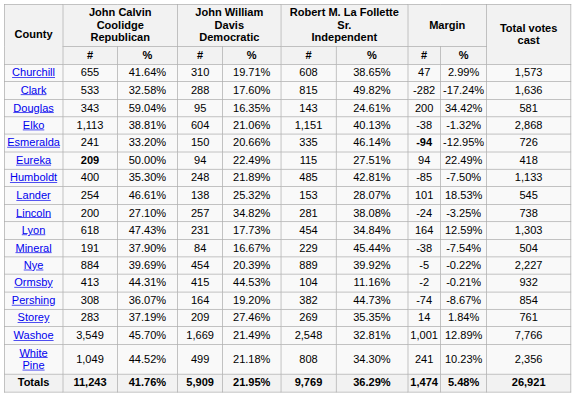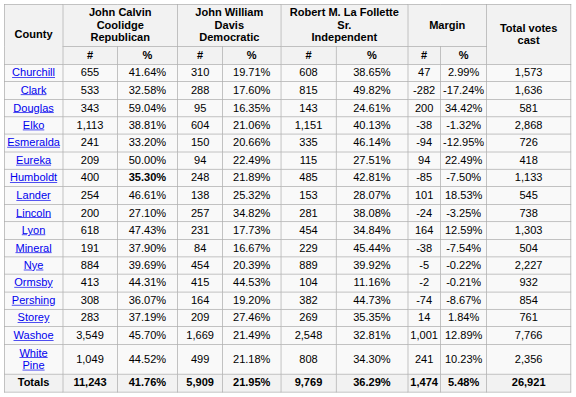 <table class="wikitable sortable" style="text-align:center" width="65%">
 <tr>
 <th rowspan="2" style="text-align:center;">County</th>
 <th colspan="2" style="text-align:center;">John Calvin Coolidge<br>Republican</th>
 <th colspan="2" style="text-align:center;">John William Davis<br>Democratic</th>
 <th colspan="2" style="text-align:center;">Robert M. La Follette Sr.<br>Independent</th>
 <th colspan="2" style="text-align:center;">Margin</th>
 <th rowspan="2" style="text-align:center;">Total votes cast</th>
 </tr>
 <tr>
 <th style="text-align:center;" data-sort-type="number">#</th>
 <th style="text-align:center;" data-sort-type="number">%</th>
 <th style="text-align:center;" data-sort-type="number">#</th>
 <th style="text-align:center;" data-sort-type="number">%</th>
 <th style="text-align:center;" data-sort-type="number">#</th>
 <th style="text-align:center;" data-sort-type="number">%</th>
 <th style="text-align:center;" data-sort-type="number">#</th>
 <th style="text-align:center;" data-sort-type="number">%</th>
 </tr>
 <tr style="text-align:center;">
 <td><a href='#'>Churchill</a></td>
 <td>655</td>
 <td>41.64%</td>
 <td>310</td>
 <td>19.71%</td>
 <td>608</td>
 <td>38.65%</td>
 <td>47</td>
 <td>2.99%</td>
 <td>1,573</td>
 </tr>
 <tr style="text-align:center;">
 <td><a href='#'>Clark</a></td>
 <td>533</td>
 <td>32.58%</td>
 <td>288</td>
 <td>17.60%</td>
 <td>815</td>
 <td>49.82%</td>
 <td>-282</td>
 <td>-17.24%</td>
 <td>1,636</td>
 </tr>
 <tr style="text-align:center;">
 <td><a href='#'>Douglas</a></td>
 <td>343</td>
 <td>59.04%</td>
 <td>95</td>
 <td>16.35%</td>
 <td>143</td>
 <td>24.61%</td>
 <td>200</td>
 <td>34.42%</td>
 <td>581</td>
 </tr>
 <tr style="text-align:center;">
 <td><a href='#'>Elko</a></td>
 <td>1,113</td>
 <td>38.81%</td>
 <td>604</td>
 <td>21.06%</td>
 <td>1,151</td>
 <td>40.13%</td>
 <td>-38</td>
 <td>-1.32%</td>
 <td>2,868</td>
 </tr>
 <tr style="text-align:center;">
 <td><a href='#'>Esmeralda</a></td>
 <td>241</td>
 <td>33.20%</td>
 <td>150</td>
 <td>20.66%</td>
 <td>335</td>
 <td>46.14%</td>
-<td><strong>-94</strong></td>
+<td>-94</td>
 <td>-12.95%</td>
 <td>726</td>
 </tr>
 <tr style="text-align:center;">
 <td><a href='#'>Eureka</a></td>
-<td><strong>209</strong></td>
+<td>209</td>
 <td>50.00%</td>
 <td>94</td>
 <td>22.49%</td>
 <td>115</td>
 <td>27.51%</td>
 <td>94</td>
 <td>22.49%</td>
 <td>418</td>
 </tr>
 <tr style="text-align:center;">
 <td><a href='#'>Humboldt</a></td>
 <td>400</td>
-<td>35.30%</td>
+<td><strong>35.30%</strong></td>
 <td>248</td>
 <td>21.89%</td>
 <td>485</td>
 <td>42.81%</td>
 <td>-85</td>
 <td>-7.50%</td>
 <td>1,133</td>
 </tr>
 <tr style="text-align:center;">
 <td><a href='#'>Lander</a></td>
 <td>254</td>
 <td>46.61%</td>
 <td>138</td>
 <td>25.32%</td>
 <td>153</td>
 <td>28.07%</td>
 <td>101</td>
 <td>18.53%</td>
 <td>545</td>
 </tr>
 <tr style="text-align:center;">
 <td><a href='#'>Lincoln</a></td>
 <td>200</td>
 <td>27.10%</td>
 <td>257</td>
 <td>34.82%</td>
 <td>281</td>
 <td>38.08%</td>
 <td>-24</td>
 <td>-3.25%</td>
 <td>738</td>
 </tr>
 <tr style="text-align:center;">
 <td><a href='#'>Lyon</a></td>
 <td>618</td>
 <td>47.43%</td>
 <td>231</td>
 <td>17.73%</td>
 <td>454</td>
 <td>34.84%</td>
 <td>164</td>
 <td>12.59%</td>
 <td>1,303</td>
 </tr>
 <tr style="text-align:center;">
 <td><a href='#'>Mineral</a></td>
 <td>191</td>
 <td>37.90%</td>
 <td>84</td>
 <td>16.67%</td>
 <td>229</td>
 <td>45.44%</td>
 <td>-38</td>
 <td>-7.54%</td>
 <td>504</td>
 </tr>
 <tr style="text-align:center;">
 <td><a href='#'>Nye</a></td>
 <td>884</td>
 <td>39.69%</td>
 <td>454</td>
 <td>20.39%</td>
 <td>889</td>
 <td>39.92%</td>
 <td>-5</td>
 <td>-0.22%</td>
 <td>2,227</td>
 </tr>
 <tr style="text-align:center;">
 <td><a href='#'>Ormsby</a></td>
 <td>413</td>
 <td>44.31%</td>
 <td>415</td>
 <td>44.53%</td>
 <td>104</td>
 <td>11.16%</td>
 <td>-2</td>
 <td>-0.21%</td>
 <td>932</td>
 </tr>
 <tr style="text-align:center;">
 <td><a href='#'>Pershing</a></td>
 <td>308</td>
 <td>36.07%</td>
 <td>164</td>
 <td>19.20%</td>
 <td>382</td>
 <td>44.73%</td>
 <td>-74</td>
 <td>-8.67%</td>
 <td>854</td>
 </tr>
 <tr style="text-align:center;">
 <td><a href='#'>Storey</a></td>
 <td>283</td>
 <td>37.19%</td>
 <td>209</td>
 <td>27.46%</td>
 <td>269</td>
 <td>35.35%</td>
 <td>14</td>
 <td>1.84%</td>
 <td>761</td>
 </tr>
 <tr style="text-align:center;">
 <td><a href='#'>Washoe</a></td>
 <td>3,549</td>
 <td>45.70%</td>
 <td>1,669</td>
 <td>21.49%</td>
 <td>2,548</td>
 <td>32.81%</td>
 <td>1,001</td>
 <td>12.89%</td>
 <td>7,766</td>
 </tr>
 <tr style="text-align:center;">
 <td><a href='#'>White Pine</a></td>
 <td>1,049</td>
 <td>44.52%</td>
 <td>499</td>
 <td>21.18%</td>
 <td>808</td>
 <td>34.30%</td>
 <td>241</td>
 <td>10.23%</td>
 <td>2,356</td>
 </tr>
 <tr style="text-align:center;">
 <th>Totals</th>
 <th>11,243</th>
 <th>41.76%</th>
 <th>5,909</th>
 <th>21.95%</th>
 <th>9,769</th>
 <th>36.29%</th>
 <th>1,474</th>
 <th>5.48%</th>
 <th>26,921</th>
 </tr>
 </table>
